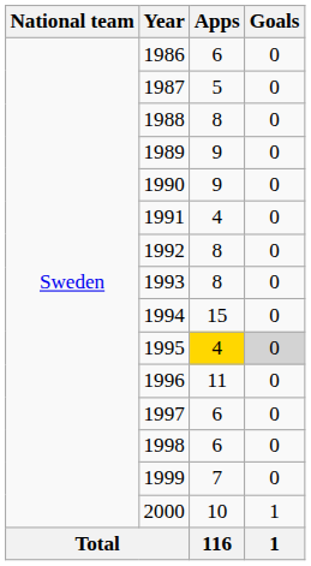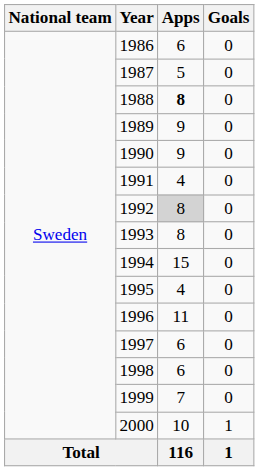 <table class="wikitable" style="text-align:center">
 <tr>
 <th>National team</th>
 <th>Year</th>
 <th>Apps</th>
 <th>Goals</th>
 </tr>
 <tr>
 <td rowspan="15"><a href='#'>Sweden</a></td>
 <td>1986</td>
 <td>6</td>
 <td>0</td>
 </tr>
 <tr>
 <td>1987</td>
 <td>5</td>
 <td>0</td>
 </tr>
 <tr>
 <td>1988</td>
-<td>8</td>
+<td><strong>8</strong></td>
 <td>0</td>
 </tr>
 <tr>
 <td>1989</td>
 <td>9</td>
 <td>0</td>
 </tr>
 <tr>
 <td>1990</td>
 <td>9</td>
 <td>0</td>
 </tr>
 <tr>
 <td>1991</td>
 <td>4</td>
 <td>0</td>
 </tr>
 <tr>
 <td>1992</td>
-<td>8</td>
+<td style="background: lightgrey;">8</td>
 <td>0</td>
 </tr>
 <tr>
 <td>1993</td>
 <td>8</td>
 <td>0</td>
 </tr>
 <tr>
 <td>1994</td>
 <td>15</td>
 <td>0</td>
 </tr>
 <tr>
 <td>1995</td>
-<td style="background: gold;">4</td>
-<td style="background: lightgrey;">0</td>
+<td>4</td>
+<td>0</td>
 </tr>
 <tr>
 <td>1996</td>
 <td>11</td>
 <td>0</td>
 </tr>
 <tr>
 <td>1997</td>
 <td>6</td>
 <td>0</td>
 </tr>
 <tr>
 <td>1998</td>
 <td>6</td>
 <td>0</td>
 </tr>
 <tr>
 <td>1999</td>
 <td>7</td>
 <td>0</td>
 </tr>
 <tr>
 <td>2000</td>
 <td>10</td>
 <td>1</td>
 </tr>
 <tr>
 <th colspan="2">Total</th>
 <th>116</th>
 <th>1</th>
 </tr>
 </table>
